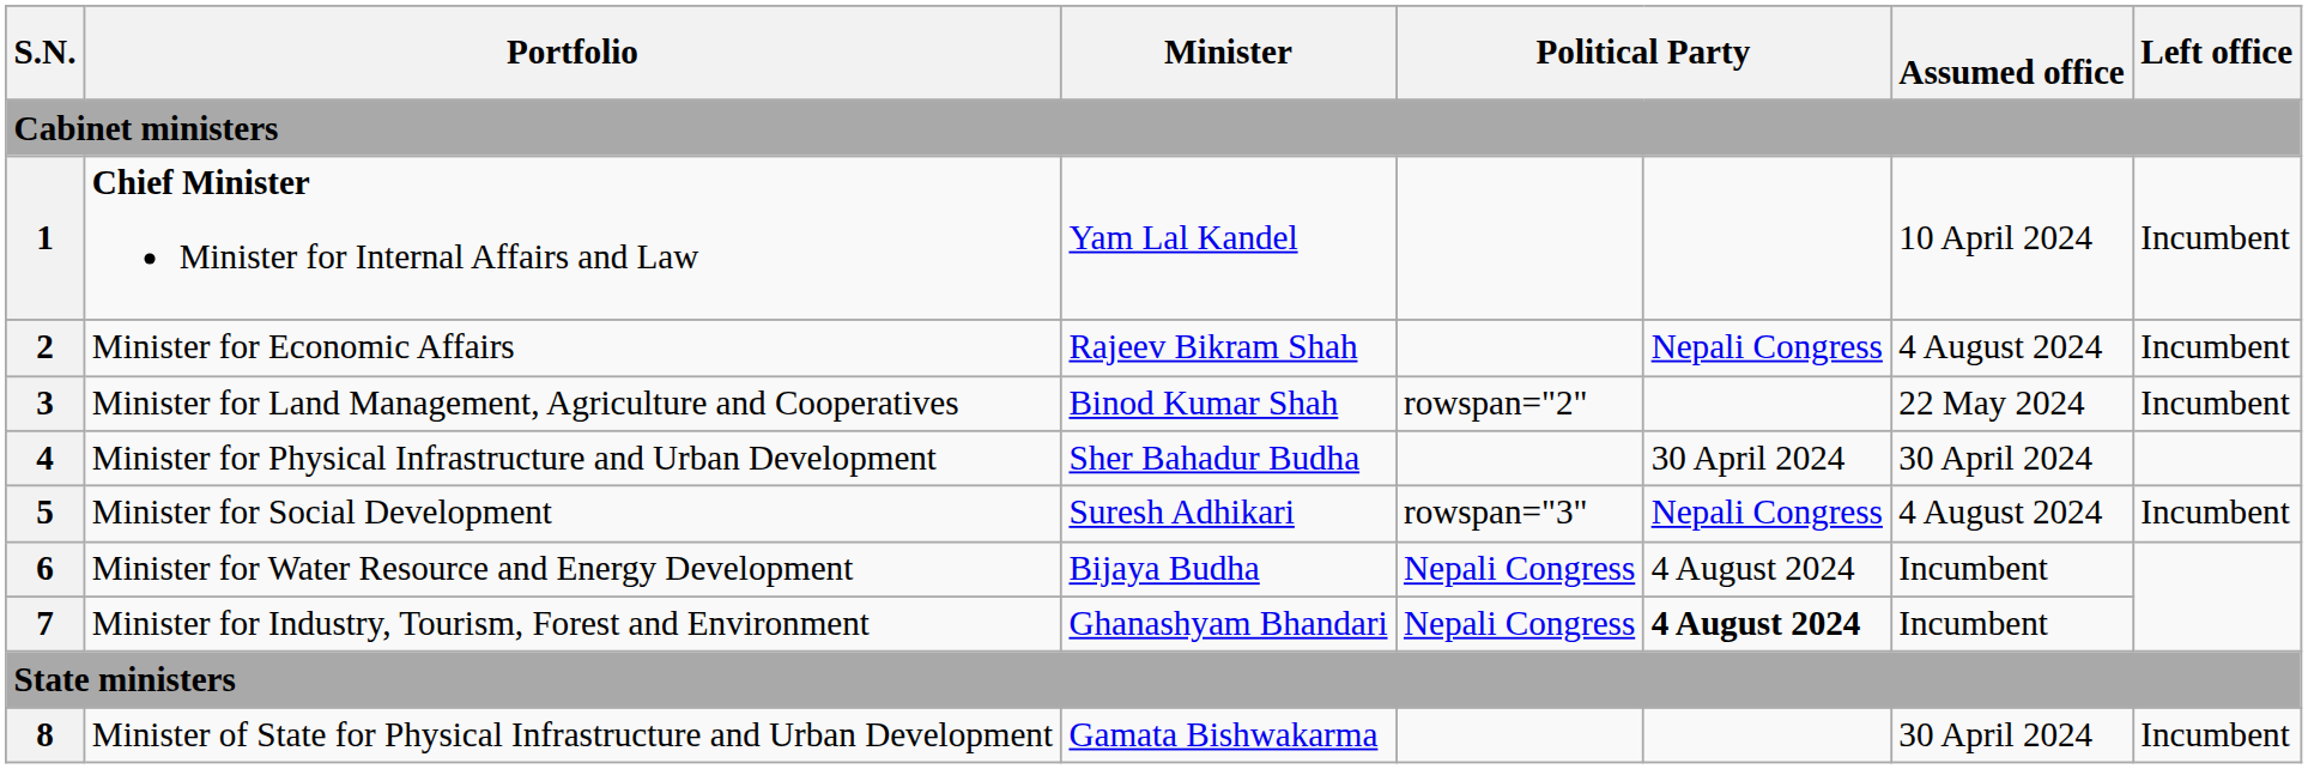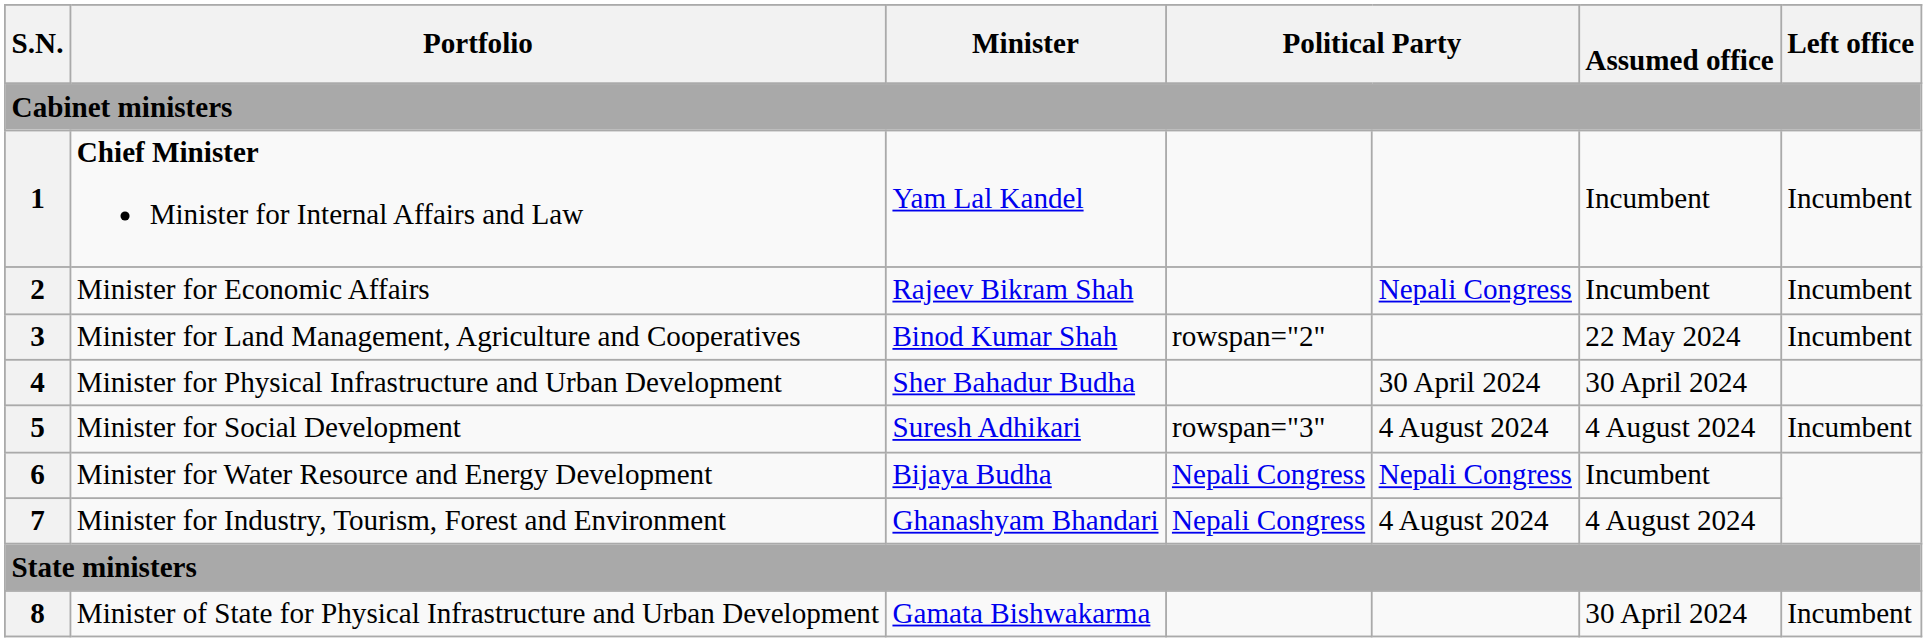 <table class="wikitable">
 <tr>
 <th>S.N.</th>
 <th>Portfolio</th>
 <th>Minister</th>
 <th colspan="2">Political Party</th>
 <th><br>Assumed office</th>
 <th>Left office</th>
 </tr>
 <tr>
 <td colspan="7" bgcolor="darkgrey"><strong>Cabinet ministers</strong></td>
 </tr>
 <tr>
 <th>1</th>
 <td><strong>Chief Minister</strong><br><ul><li>Minister for Internal Affairs and Law</li></ul></td>
 <td><a href='#'>Yam Lal Kandel</a></td>
 <td></td>
 <td></td>
-<td>10 April 2024</td>
+<td>Incumbent</td>
 <td>Incumbent</td>
 </tr>
 <tr>
 <th>2</th>
 <td>Minister for Economic Affairs</td>
 <td><a href='#'>Rajeev Bikram Shah</a></td>
 <td></td>
 <td><a href='#'>Nepali Congress</a></td>
-<td>4 August 2024</td>
+<td>Incumbent</td>
 <td>Incumbent</td>
 </tr>
 <tr>
 <th>3</th>
 <td>Minister for Land Management, Agriculture and Cooperatives</td>
 <td><a href='#'>Binod Kumar Shah</a></td>
 <td>rowspan="2" </td>
 <td></td>
 <td>22 May 2024</td>
 <td>Incumbent</td>
 </tr>
 <tr>
 <th>4</th>
 <td>Minister for Physical Infrastructure and Urban Development</td>
 <td><a href='#'>Sher Bahadur Budha</a></td>
 <td></td>
 <td>30 April 2024</td>
 <td>30 April 2024</td>
 </tr>
 <tr>
 <th>5</th>
 <td>Minister for Social Development</td>
 <td><a href='#'>Suresh Adhikari</a></td>
 <td>rowspan="3" </td>
-<td><a href='#'>Nepali Congress</a></td>
+<td>4 August 2024</td>
 <td>4 August 2024</td>
 <td>Incumbent</td>
 </tr>
 <tr>
 <th>6</th>
 <td>Minister for Water Resource and Energy Development</td>
 <td><a href='#'>Bijaya Budha</a></td>
 <td><a href='#'>Nepali Congress</a></td>
-<td>4 August 2024</td>
+<td><a href='#'>Nepali Congress</a></td>
 <td>Incumbent</td>
 </tr>
 <tr>
 <th>7</th>
 <td>Minister for Industry, Tourism, Forest and Environment</td>
 <td><a href='#'>Ghanashyam Bhandari</a></td>
 <td><a href='#'>Nepali Congress</a></td>
-<td><strong>4 August 2024</strong></td>
-<td>Incumbent</td>
+<td>4 August 2024</td>
+<td>4 August 2024</td>
 </tr>
 <tr>
 <td colspan="7" bgcolor="darkgrey"><strong>State ministers</strong></td>
 </tr>
 <tr>
 <th>8</th>
 <td>Minister of State for Physical Infrastructure and Urban Development</td>
 <td><a href='#'>Gamata Bishwakarma</a></td>
 <td></td>
 <td></td>
 <td>30 April 2024</td>
 <td>Incumbent</td>
 </tr>
 </table>
